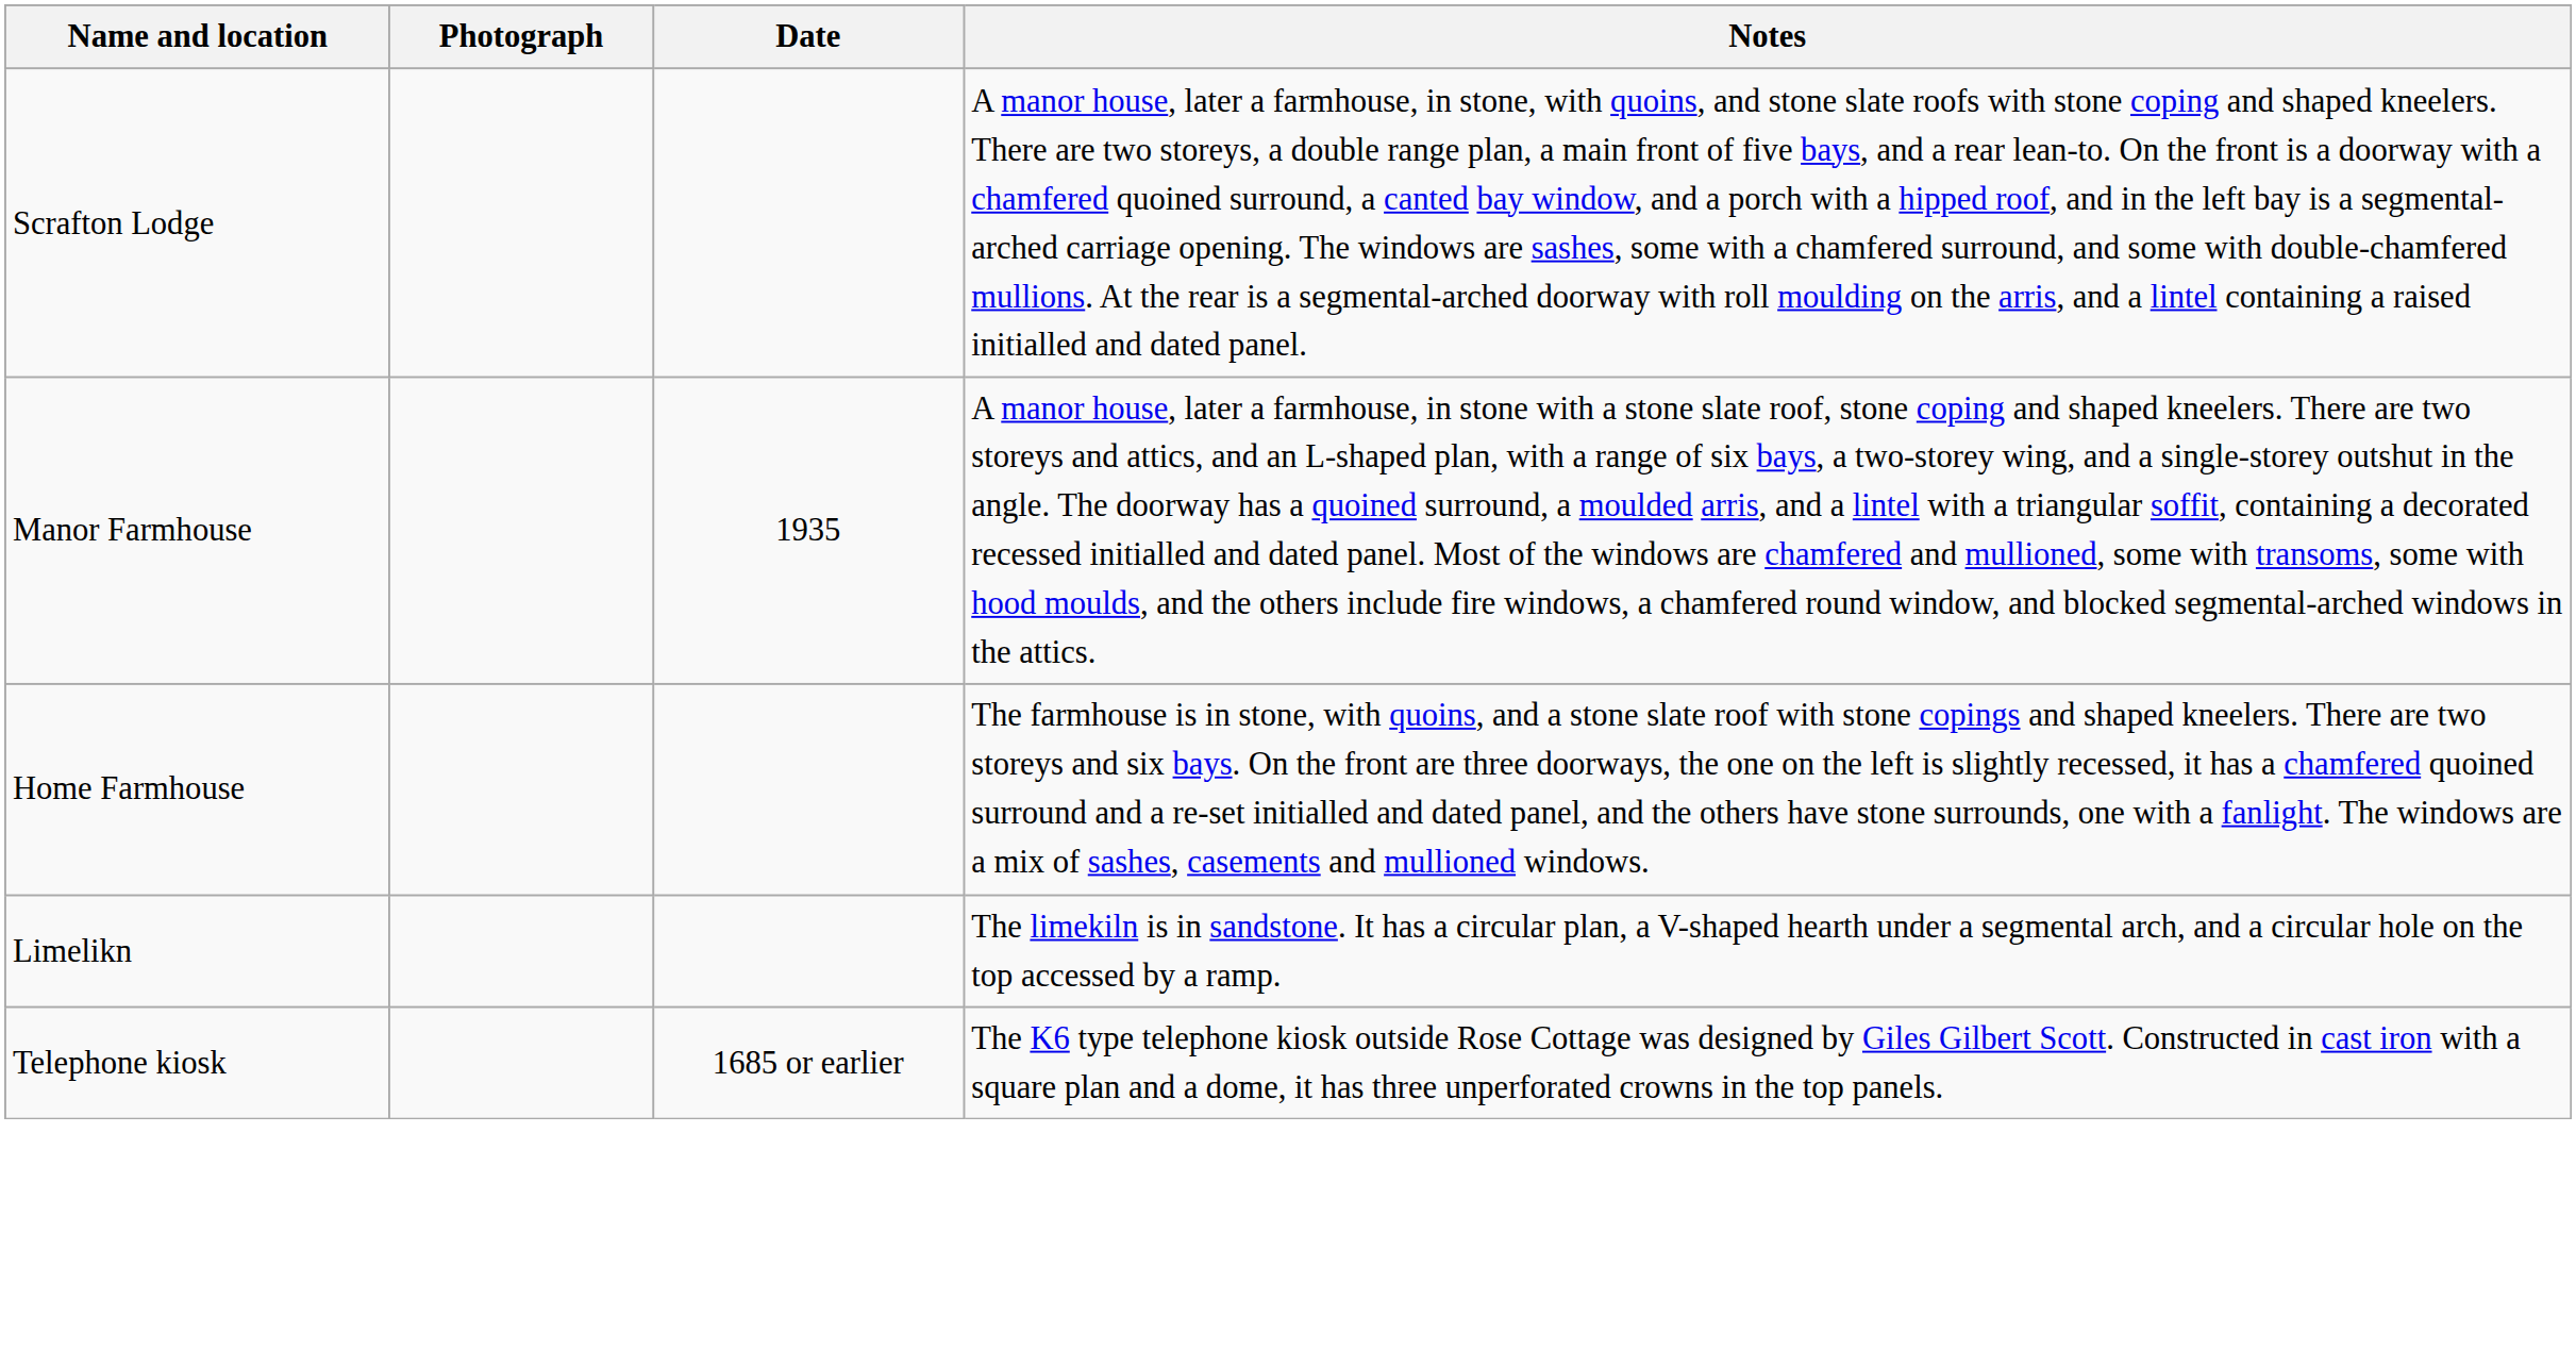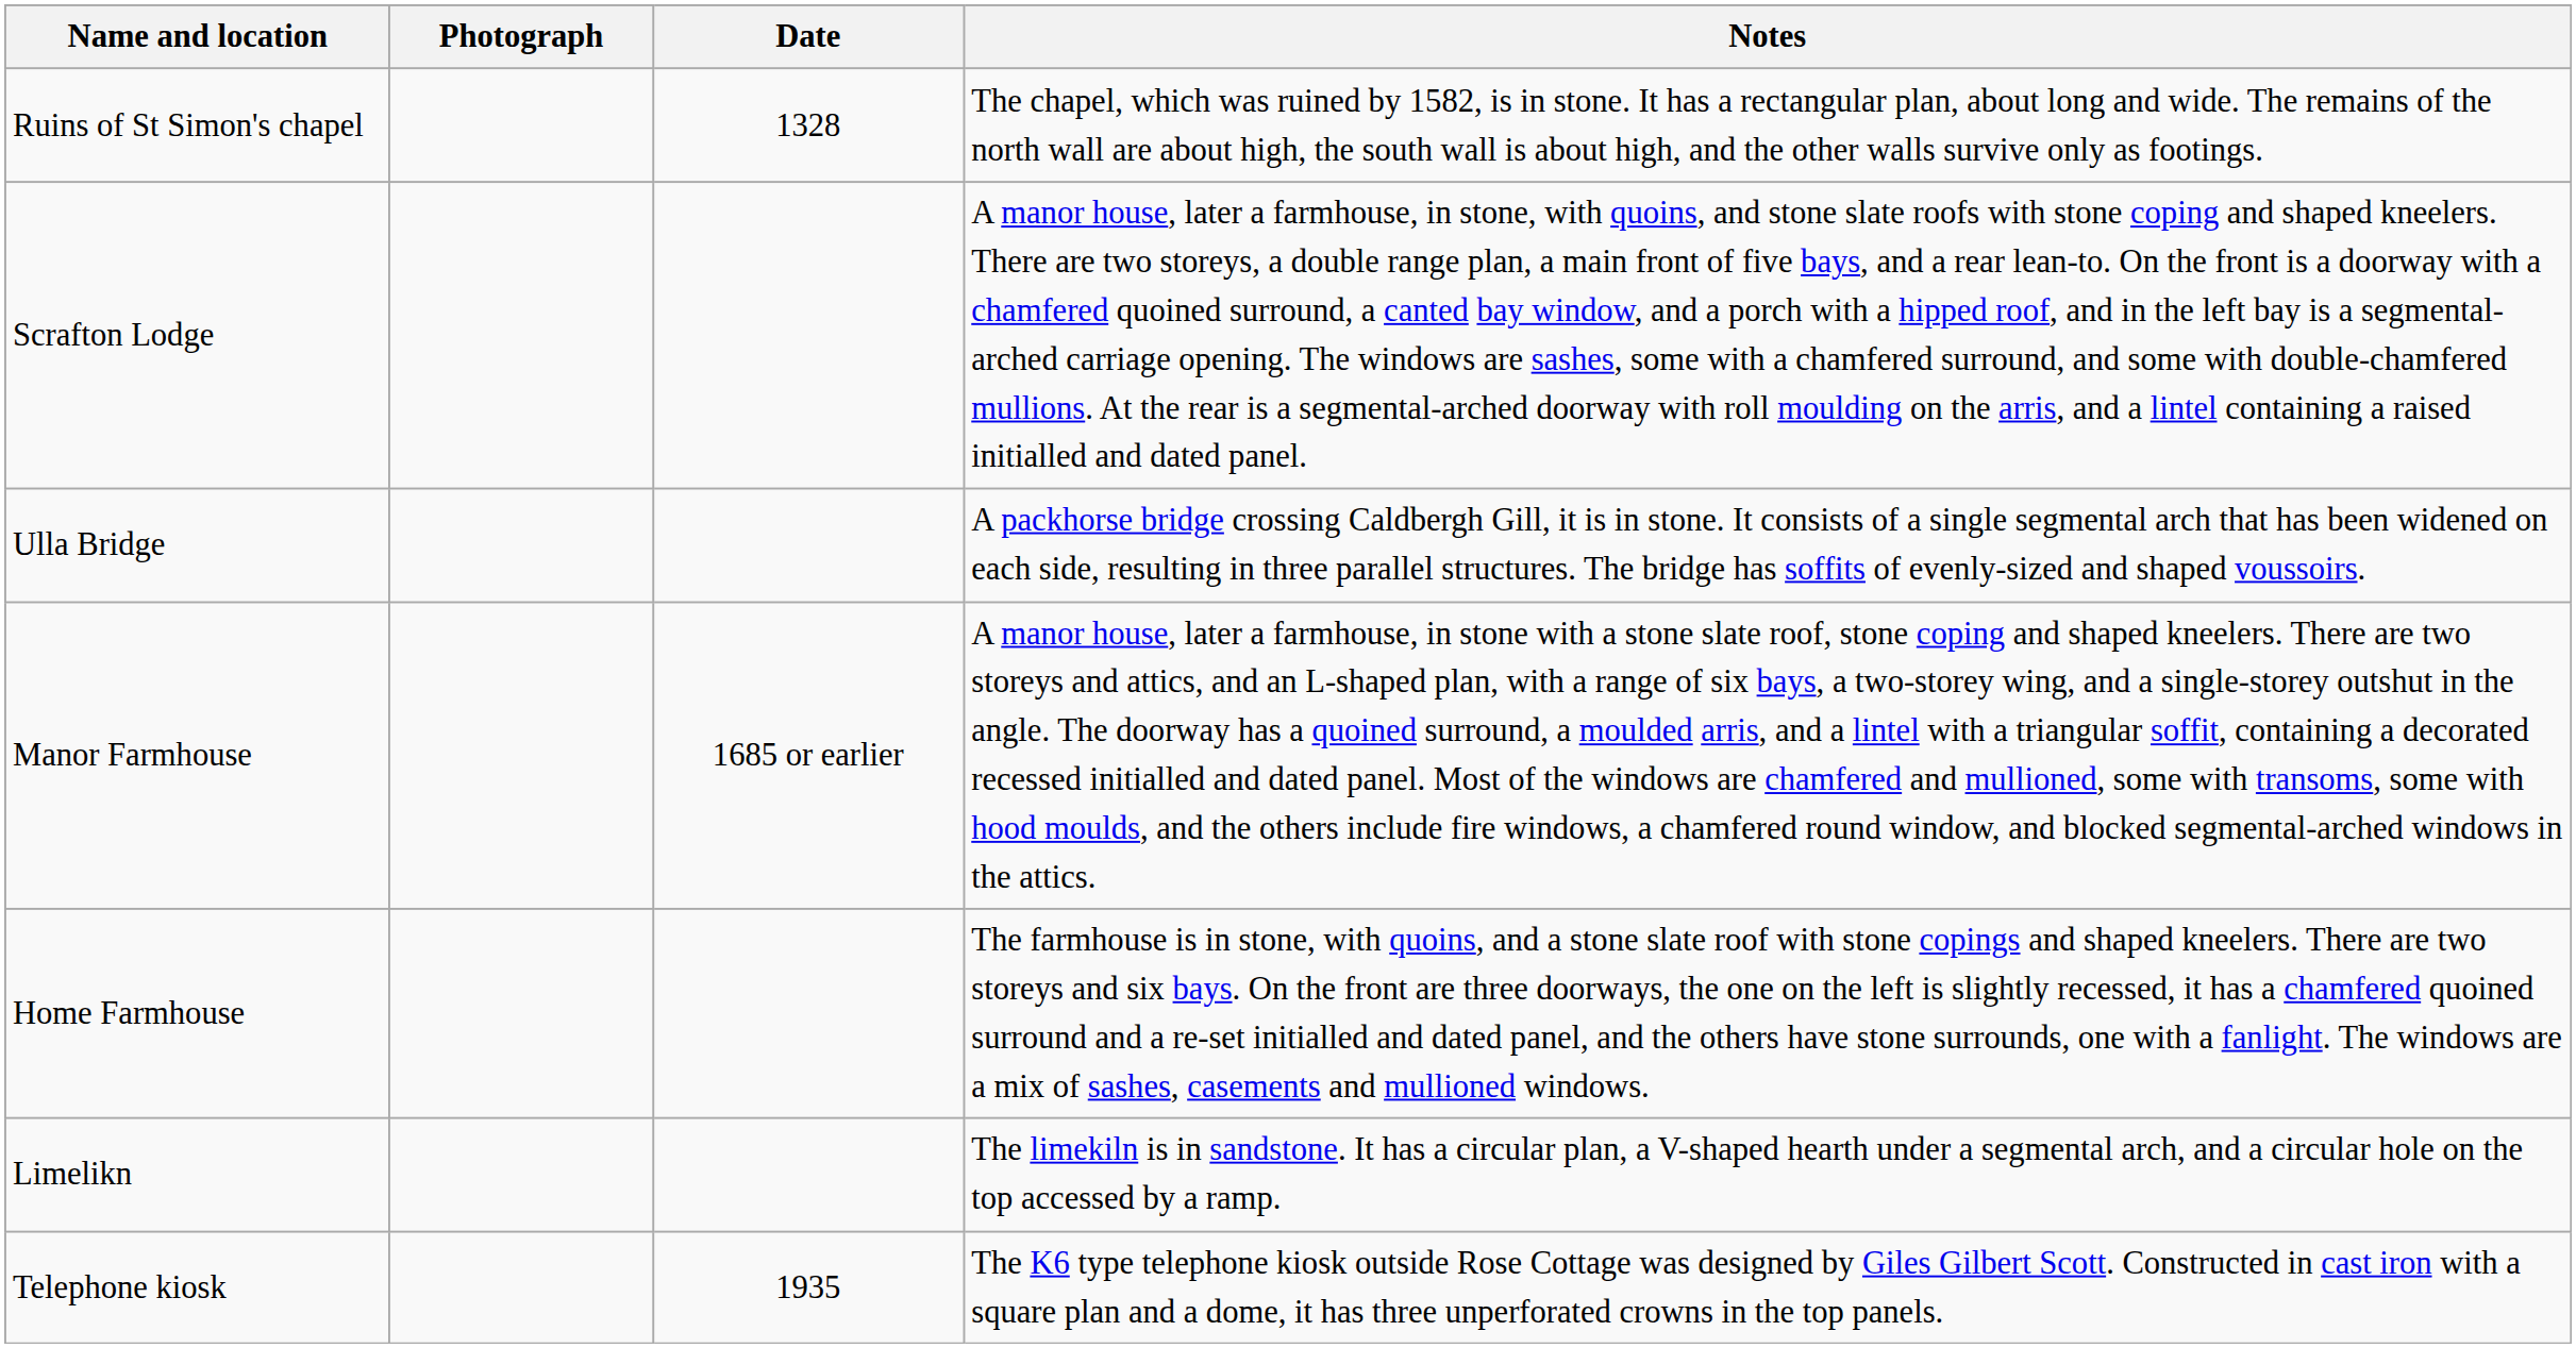 <table class="wikitable sortable plainrowheaders" style="width:100%;border:0px;text-align:left;line-height:150%;">
 <tr>
 <th scope="col"  style="width:150px">Name and location</th>
 <th scope="col"  style="width:100px" class="unsortable">Photograph</th>
 <th scope="col"  style="width:120px">Date</th>
 <th scope="col"  style="width:650px" class="unsortable">Notes</th>
 </tr>
 <tr>
+<td>Ruins of St Simon's chapel<br><small></small></td>
+<td></td>
+<td align="center">1328</td>
+<td>The chapel, which was ruined by 1582, is in stone.  It has a rectangular plan, about  long and  wide.  The remains of the north wall are about  high, the south wall is about  high, and the other walls survive only as footings.</td>
+</tr>
+<tr>
 <td>Scrafton Lodge<br><small></small></td>
 <td></td>
 <td align="center"></td>
 <td>A <a href='#'>manor house</a>, later a farmhouse, in stone, with <a href='#'>quoins</a>, and stone slate roofs with stone <a href='#'>coping</a> and shaped kneelers.  There are two storeys, a double range plan, a main front of five <a href='#'>bays</a>, and a rear lean-to.  On the front is a doorway with a <a href='#'>chamfered</a> quoined surround, a <a href='#'>canted</a> <a href='#'>bay window</a>, and a porch with a <a href='#'>hipped roof</a>, and in the left bay is a segmental-arched carriage opening.  The windows are <a href='#'>sashes</a>, some with a chamfered surround, and some with double-chamfered <a href='#'>mullions</a>.  At the rear is a segmental-arched doorway with roll <a href='#'>moulding</a> on the <a href='#'>arris</a>, and a <a href='#'>lintel</a> containing a raised initialled and dated panel.</td>
 </tr>
 <tr>
+<td>Ulla Bridge<br><small></small></td>
+<td></td>
+<td align="center"></td>
+<td>A <a href='#'>packhorse bridge</a> crossing Caldbergh Gill, it is in stone.  It consists of a single segmental arch that has been widened on each side, resulting in three parallel structures.  The bridge has <a href='#'>soffits</a> of evenly-sized and shaped <a href='#'>voussoirs</a>.</td>
+</tr>
+<tr>
 <td>Manor Farmhouse<br><small></small></td>
 <td></td>
-<td align="center">1935</td>
+<td align="center">1685 or earlier</td>
 <td>A <a href='#'>manor house</a>, later a farmhouse, in stone with a stone slate roof, stone <a href='#'>coping</a> and shaped kneelers.  There are two storeys and attics, and an L-shaped plan, with a range of six <a href='#'>bays</a>, a two-storey wing, and a single-storey outshut in the angle.  The doorway has a <a href='#'>quoined</a> surround, a <a href='#'>moulded</a> <a href='#'>arris</a>, and a <a href='#'>lintel</a> with a triangular <a href='#'>soffit</a>, containing a decorated recessed initialled and dated panel.  Most of the windows are <a href='#'>chamfered</a> and <a href='#'>mullioned</a>, some with <a href='#'>transoms</a>, some with <a href='#'>hood moulds</a>, and the others include fire windows, a chamfered round window, and blocked segmental-arched windows in the attics.</td>
 </tr>
 <tr>
 <td>Home Farmhouse<br><small></small></td>
 <td></td>
 <td align="center"></td>
 <td>The farmhouse is in stone, with <a href='#'>quoins</a>, and a stone slate roof with stone <a href='#'>copings</a> and shaped kneelers.  There are two storeys and six <a href='#'>bays</a>.  On the front are three doorways, the one on the left is slightly recessed, it has a <a href='#'>chamfered</a> quoined surround and a re-set initialled and dated panel, and the others have stone surrounds, one with a <a href='#'>fanlight</a>.  The windows are a mix of <a href='#'>sashes</a>, <a href='#'>casements</a> and <a href='#'>mullioned</a> windows.</td>
 </tr>
 <tr>
 <td>Limelikn<br><small></small></td>
 <td></td>
 <td align="center"></td>
 <td>The <a href='#'>limekiln</a> is in <a href='#'>sandstone</a>.  It has a circular plan, a V-shaped hearth under a segmental arch, and a circular hole on the top accessed by a ramp.</td>
 </tr>
 <tr>
 <td>Telephone kiosk<br><small></small></td>
 <td></td>
-<td align="center">1685 or earlier</td>
+<td align="center">1935</td>
 <td>The <a href='#'>K6</a> type telephone kiosk outside Rose Cottage was designed by <a href='#'>Giles Gilbert Scott</a>.  Constructed in <a href='#'>cast iron</a> with a square plan and a dome, it has three unperforated crowns in the top panels.</td>
 </tr>
 <tr>
 </tr>
 </table>
